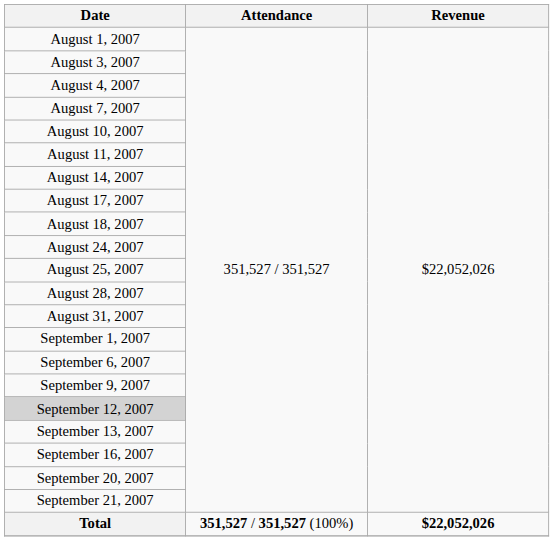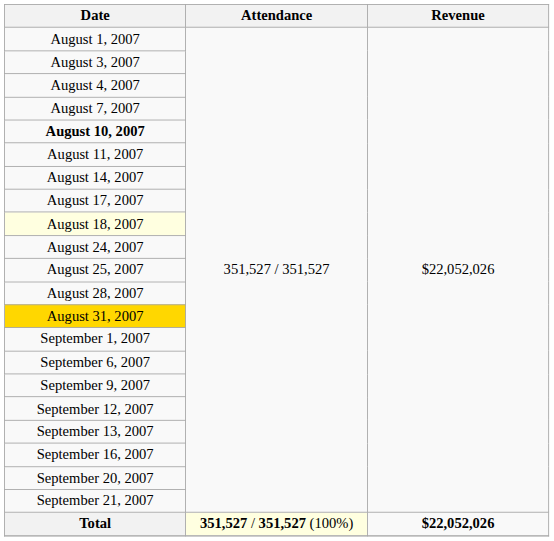 <table class="wikitable" style="text-align:center;">
 <tr>
 <th scope="col" style="width:12em;">Date</th>
 <th scope="col" style="width:12em;">Attendance</th>
 <th scope="col" style="width:12em;">Revenue</th>
 </tr>
 <tr>
 <td>August 1, 2007</td>
 <td rowspan="21">351,527 / 351,527</td>
 <td rowspan="21">$22,052,026</td>
 </tr>
 <tr>
 <td>August 3, 2007</td>
 </tr>
 <tr>
 <td>August 4, 2007</td>
 </tr>
 <tr>
 <td>August 7, 2007</td>
 </tr>
 <tr>
-<td>August 10, 2007</td>
+<td><strong>August 10, 2007</strong></td>
 </tr>
 <tr>
 <td>August 11, 2007</td>
 </tr>
 <tr>
 <td>August 14, 2007</td>
 </tr>
 <tr>
 <td>August 17, 2007</td>
 </tr>
 <tr>
-<td>August 18, 2007</td>
+<td style="background: lightyellow;">August 18, 2007</td>
 </tr>
 <tr>
 <td>August 24, 2007</td>
 </tr>
 <tr>
 <td>August 25, 2007</td>
 </tr>
 <tr>
 <td>August 28, 2007</td>
 </tr>
 <tr>
-<td>August 31, 2007</td>
+<td style="background: gold;">August 31, 2007</td>
 </tr>
 <tr>
 <td>September 1, 2007</td>
 </tr>
 <tr>
 <td>September 6, 2007</td>
 </tr>
 <tr>
 <td>September 9, 2007</td>
 </tr>
 <tr>
-<td style="background: lightgrey;">September 12, 2007</td>
+<td>September 12, 2007</td>
 </tr>
 <tr>
 <td>September 13, 2007</td>
 </tr>
 <tr>
 <td>September 16, 2007</td>
 </tr>
 <tr>
 <td>September 20, 2007</td>
 </tr>
 <tr>
 <td>September 21, 2007</td>
 </tr>
 <tr>
 <th>Total</th>
-<td><strong>351,527</strong> / <strong>351,527</strong> (100%)</td>
+<td style="background: lightyellow;"><strong>351,527</strong> / <strong>351,527</strong> (100%)</td>
 <td><strong>$22,052,026</strong></td>
 </tr>
 <tr>
 </tr>
 </table>
